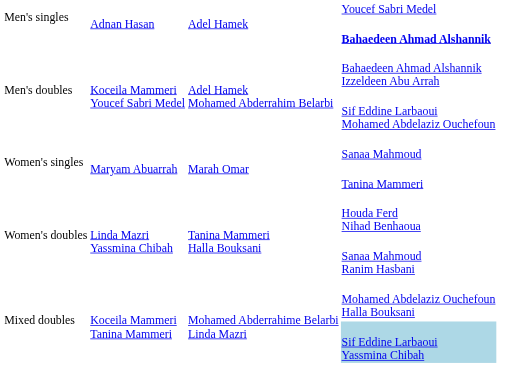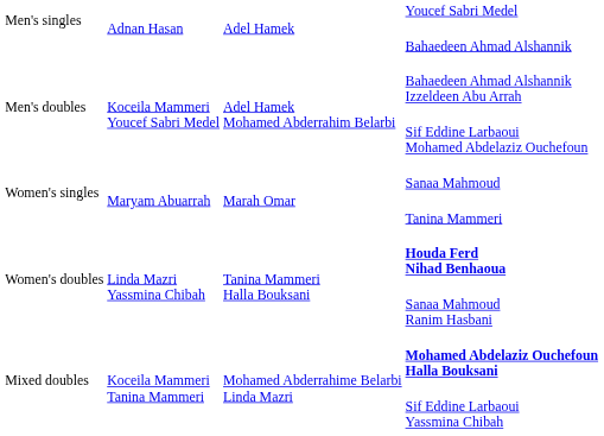 <table>
 <tr>
 <td rowspan=2>Men's singles</td>
 <td rowspan=2><br><a href='#'>Adnan Hasan</a></td>
 <td rowspan=2><br><a href='#'>Adel Hamek</a></td>
 <td><br><a href='#'>Youcef Sabri Medel</a></td>
 </tr>
 <tr>
-<td><strong><br><a href='#'>Bahaedeen Ahmad Alshannik</a></strong></td>
+<td><br><a href='#'>Bahaedeen Ahmad Alshannik</a></td>
 </tr>
 <tr>
 <td rowspan=2>Men's doubles</td>
 <td rowspan=2><br><a href='#'>Koceila Mammeri</a><br><a href='#'>Youcef Sabri Medel</a></td>
 <td rowspan=2><br><a href='#'>Adel Hamek</a><br><a href='#'>Mohamed Abderrahim Belarbi</a></td>
 <td><br><a href='#'>Bahaedeen Ahmad Alshannik</a><br><a href='#'>Izzeldeen Abu Arrah</a></td>
 </tr>
 <tr>
 <td><br><a href='#'>Sif Eddine Larbaoui</a><br><a href='#'>Mohamed Abdelaziz Ouchefoun</a></td>
 </tr>
 <tr>
 <td rowspan=2>Women's singles</td>
 <td rowspan=2><br><a href='#'>Maryam Abuarrah</a></td>
 <td rowspan=2><br><a href='#'>Marah Omar</a></td>
 <td><br><a href='#'>Sanaa Mahmoud</a></td>
 </tr>
 <tr>
 <td><br><a href='#'>Tanina Mammeri</a></td>
 </tr>
 <tr>
 <td rowspan=2>Women's doubles</td>
 <td rowspan=2><br><a href='#'>Linda Mazri</a><br><a href='#'>Yassmina Chibah</a></td>
 <td rowspan=2><br><a href='#'>Tanina Mammeri</a><br><a href='#'>Halla Bouksani</a></td>
-<td><br><a href='#'>Houda Ferd</a><br><a href='#'>Nihad Benhaoua</a></td>
+<td><strong><br><a href='#'>Houda Ferd</a><br><a href='#'>Nihad Benhaoua</a></strong></td>
 </tr>
 <tr>
 <td><br><a href='#'>Sanaa Mahmoud</a><br><a href='#'>Ranim Hasbani</a></td>
 </tr>
 <tr>
 <td rowspan=2>Mixed doubles</td>
 <td rowspan=2><br><a href='#'>Koceila Mammeri</a><br><a href='#'>Tanina Mammeri</a></td>
 <td rowspan=2><br><a href='#'>Mohamed Abderrahime Belarbi</a><br><a href='#'>Linda Mazri</a></td>
-<td><br><a href='#'>Mohamed Abdelaziz Ouchefoun</a><br><a href='#'>Halla Bouksani</a></td>
+<td><strong><br><a href='#'>Mohamed Abdelaziz Ouchefoun</a><br><a href='#'>Halla Bouksani</a></strong></td>
 </tr>
 <tr>
-<td style="background: lightblue;"><br><a href='#'>Sif Eddine Larbaoui</a><br><a href='#'>Yassmina Chibah</a></td>
+<td><br><a href='#'>Sif Eddine Larbaoui</a><br><a href='#'>Yassmina Chibah</a></td>
 </tr>
 </table>
